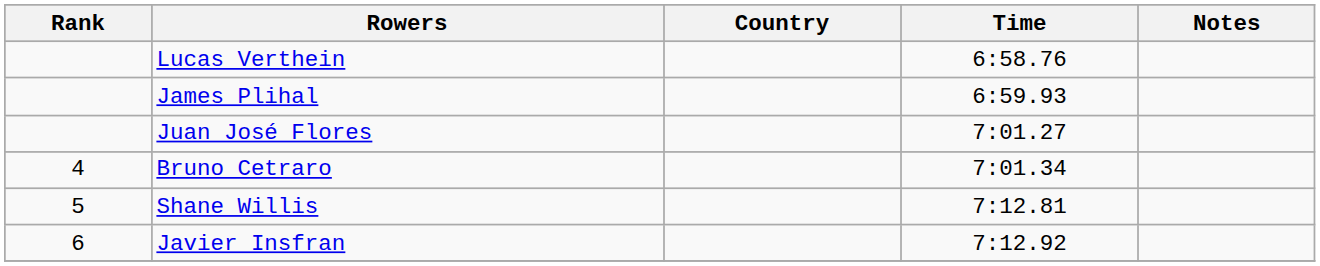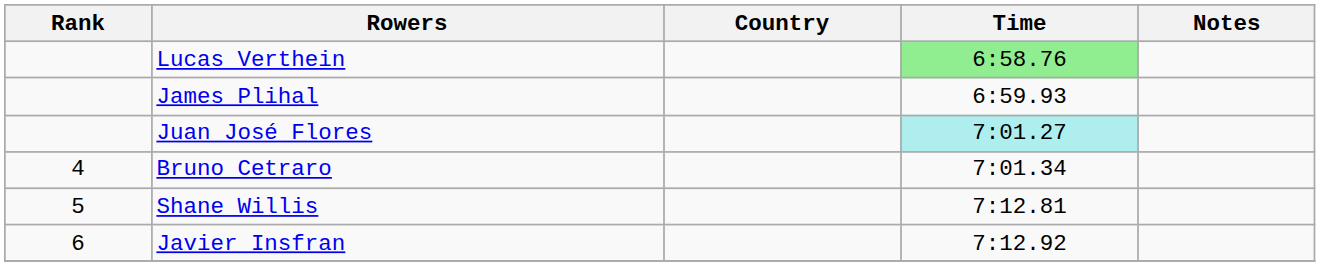 <table class="wikitable" width=60% style="text-align:center">
 <tr>
 <th>Rank</th>
 <th>Rowers</th>
 <th>Country</th>
 <th>Time</th>
 <th>Notes</th>
 </tr>
 <tr>
 <td></td>
 <td align=left><a href='#'>Lucas Verthein</a></td>
 <td align=left></td>
-<td>6:58.76</td>
+<td style="background: lightgreen;">6:58.76</td>
 <td></td>
 </tr>
 <tr>
 <td></td>
 <td align=left><a href='#'>James Plihal</a></td>
 <td align=left></td>
 <td>6:59.93</td>
 <td></td>
 </tr>
 <tr>
 <td></td>
 <td align=left><a href='#'>Juan José Flores</a></td>
 <td align=left></td>
-<td>7:01.27</td>
+<td style="background: paleturquoise;">7:01.27</td>
 <td></td>
 </tr>
 <tr>
 <td>4</td>
 <td align=left><a href='#'>Bruno Cetraro</a></td>
 <td align=left></td>
 <td>7:01.34</td>
 <td></td>
 </tr>
 <tr>
 <td>5</td>
 <td align=left><a href='#'>Shane Willis</a></td>
 <td align=left></td>
 <td>7:12.81</td>
 <td></td>
 </tr>
 <tr>
 <td>6</td>
 <td align=left><a href='#'>Javier Insfran</a></td>
 <td align=left></td>
 <td>7:12.92</td>
 <td></td>
 </tr>
 <tr>
 </tr>
 </table>
